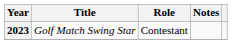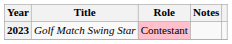 <table class="wikitable sortable plainrowheaders">
 <tr>
 <th scope="col">Year</th>
 <th scope="col">Title</th>
 <th scope="col">Role</th>
 <th scope="col">Notes</th>
 <th scope="col" class="unsortable"></th>
 </tr>
 <tr>
 <th scope="row">2023</th>
 <td><em>Golf Match Swing Star</em></td>
-<td>Contestant</td>
+<td style="background: pink;">Contestant</td>
 <td></td>
 <td></td>
 </tr>
 <tr>
 </tr>
 </table>
